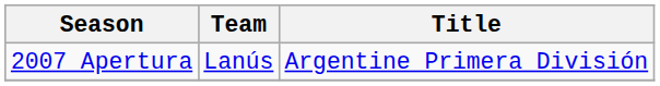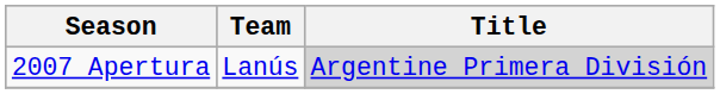 <table class="wikitable">
 <tr>
 <th>Season</th>
 <th>Team</th>
 <th>Title</th>
 </tr>
 <tr>
 <td><a href='#'>2007 Apertura</a></td>
 <td><a href='#'>Lanús</a></td>
-<td><a href='#'>Argentine Primera División</a></td>
+<td style="background: lightgrey;"><a href='#'>Argentine Primera División</a></td>
 </tr>
 <tr>
 </tr>
 </table>
